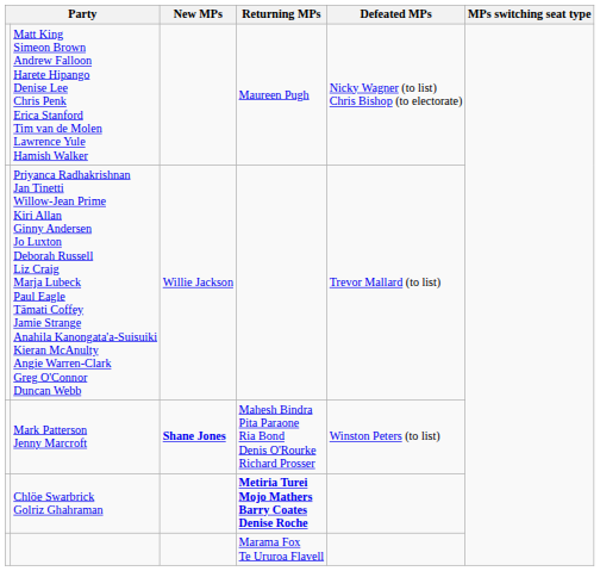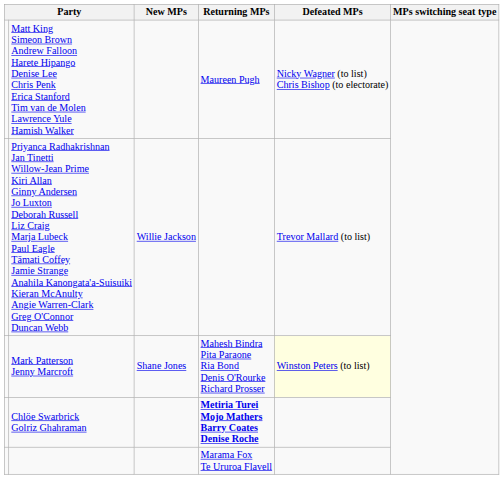 <table class="wikitable">
 <tr>
 <th colspan=2>Party</th>
 <th>New MPs</th>
 <th>Returning MPs</th>
 <th>Defeated MPs</th>
 <th>MPs switching seat type</th>
 </tr>
 <tr>
 <td></td>
 <td><a href='#'>Matt King</a><br><a href='#'>Simeon Brown</a><br><a href='#'>Andrew Falloon</a><br><a href='#'>Harete Hipango</a><br><a href='#'>Denise Lee</a><br><a href='#'>Chris Penk</a><br><a href='#'>Erica Stanford</a><br><a href='#'>Tim van de Molen</a><br><a href='#'>Lawrence Yule</a><br><a href='#'>Hamish Walker</a></td>
 <td></td>
 <td><a href='#'>Maureen Pugh</a></td>
 <td><a href='#'>Nicky Wagner</a> (to list)<br><a href='#'>Chris Bishop</a> (to electorate)</td>
 </tr>
 <tr>
 <td></td>
 <td><a href='#'>Priyanca Radhakrishnan</a><br><a href='#'>Jan Tinetti</a><br><a href='#'>Willow-Jean Prime</a><br><a href='#'>Kiri Allan</a><br><a href='#'>Ginny Andersen</a><br><a href='#'>Jo Luxton</a><br><a href='#'>Deborah Russell</a><br><a href='#'>Liz Craig</a><br><a href='#'>Marja Lubeck</a><br><a href='#'>Paul Eagle</a><br><a href='#'>Tāmati Coffey</a><br><a href='#'>Jamie Strange</a><br><a href='#'>Anahila Kanongata'a-Suisuiki</a><br><a href='#'>Kieran McAnulty</a><br><a href='#'>Angie Warren-Clark</a><br><a href='#'>Greg O'Connor</a><br><a href='#'>Duncan Webb</a></td>
 <td><a href='#'>Willie Jackson</a></td>
 <td></td>
 <td><a href='#'>Trevor Mallard</a> (to list)</td>
 </tr>
 <tr>
 <td></td>
 <td><a href='#'>Mark Patterson</a><br><a href='#'>Jenny Marcroft</a></td>
-<td><strong><a href='#'>Shane Jones</a></strong></td>
+<td><a href='#'>Shane Jones</a></td>
 <td><a href='#'>Mahesh Bindra</a><br><a href='#'>Pita Paraone</a><br><a href='#'>Ria Bond</a><br><a href='#'>Denis O'Rourke</a><br><a href='#'>Richard Prosser</a></td>
-<td><a href='#'>Winston Peters</a> (to list)</td>
+<td style="background: lightyellow;"><a href='#'>Winston Peters</a> (to list)</td>
 </tr>
 <tr>
 <td></td>
 <td><a href='#'>Chlöe Swarbrick</a><br><a href='#'>Golriz Ghahraman</a></td>
 <td></td>
 <td><strong><a href='#'>Metiria Turei</a><br><a href='#'>Mojo Mathers</a><br><a href='#'>Barry Coates</a><br><a href='#'>Denise Roche</a></strong></td>
 <td></td>
 </tr>
 <tr>
 <td></td>
 <td></td>
 <td></td>
 <td><a href='#'>Marama Fox</a><br><a href='#'>Te Ururoa Flavell</a></td>
 <td></td>
 </tr>
 </table>
